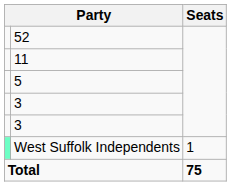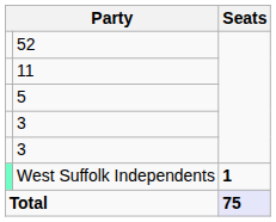 <table class="wikitable">
 <tr>
 <th colspan=2>Party</th>
 <th>Seats</th>
 </tr>
 <tr>
 <td></td>
 <td>52</td>
 </tr>
 <tr>
 <td></td>
 <td>11</td>
 </tr>
 <tr>
 <td></td>
 <td>5</td>
 </tr>
 <tr>
 <td></td>
 <td>3</td>
 </tr>
 <tr>
 <td></td>
 <td>3</td>
 </tr>
 <tr>
 <td style="background-color: #6EFFC5"></td>
 <td>West Suffolk Independents</td>
-<td>1</td>
+<td><strong>1</strong></td>
 </tr>
 <tr>
 <td colspan="2"><strong>Total</strong></td>
-<td><strong>75</strong></td>
+<td style="background: lavender;"><strong>75</strong></td>
 </tr>
 </table>
